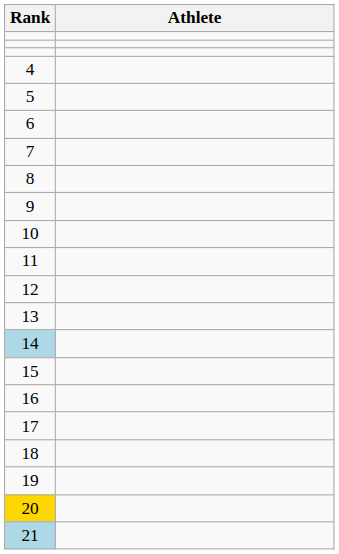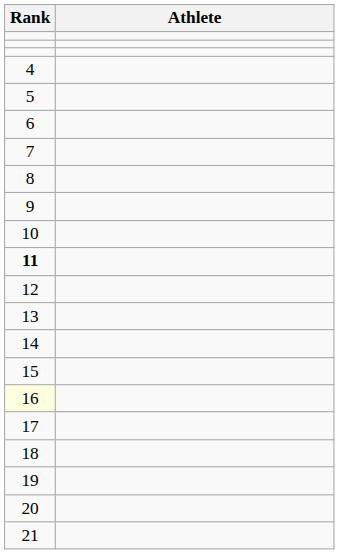 <table class="wikitable" style="text-align: center;">
 <tr>
 <th width=40>Rank</th>
 <th width=250>Athlete</th>
 </tr>
 <tr>
 <td></td>
 <td align="left"></td>
 </tr>
 <tr>
 <td></td>
 <td align="left"></td>
 </tr>
 <tr>
 <td></td>
 <td align="left"></td>
 </tr>
 <tr>
 <td>4</td>
 <td align="left"></td>
 </tr>
 <tr>
 <td>5</td>
 <td align="left"></td>
 </tr>
 <tr>
 <td>6</td>
 <td align="left"></td>
 </tr>
 <tr>
 <td>7</td>
 <td align="left"></td>
 </tr>
 <tr>
 <td>8</td>
 <td align="left"></td>
 </tr>
 <tr>
 <td>9</td>
 <td align="left"></td>
 </tr>
 <tr>
 <td>10</td>
 <td align="left"></td>
 </tr>
 <tr>
-<td>11</td>
+<td><strong>11</strong></td>
 <td align="left"></td>
 </tr>
 <tr>
 <td>12</td>
 <td align="left"></td>
 </tr>
 <tr>
 <td>13</td>
 <td align="left"></td>
 </tr>
 <tr>
-<td style="background: lightblue;">14</td>
+<td>14</td>
 <td align="left"></td>
 </tr>
 <tr>
 <td>15</td>
 <td align="left"></td>
 </tr>
 <tr>
-<td>16</td>
+<td style="background: lightyellow;">16</td>
 <td align="left"></td>
 </tr>
 <tr>
 <td>17</td>
 <td align="left"></td>
 </tr>
 <tr>
 <td>18</td>
 <td align="left"></td>
 </tr>
 <tr>
 <td>19</td>
 <td align="left"></td>
 </tr>
 <tr>
-<td style="background: gold;">20</td>
+<td>20</td>
 <td align="left"></td>
 </tr>
 <tr>
-<td style="background: lightblue;">21</td>
+<td>21</td>
 <td align="left"></td>
 </tr>
 </table>
